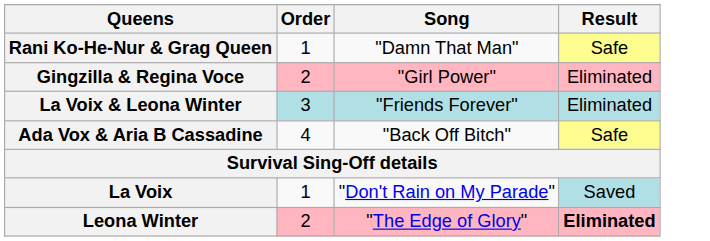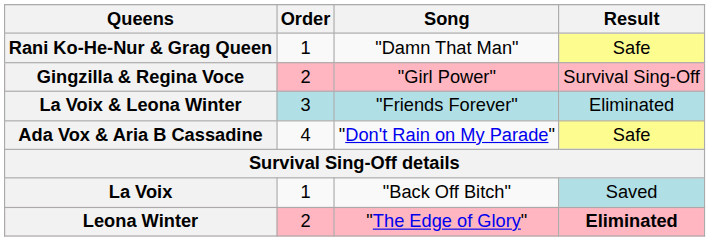 <table class="wikitable plainrowheaders" style="text-align:center;">
 <tr>
 </tr>
 <tr>
 <th scope="col">Queens</th>
 <th scope="col">Order</th>
 <th scope="col">Song</th>
 <th scope="col">Result</th>
 </tr>
 <tr>
 <th>Rani Ko-He-Nur & Grag Queen</th>
 <td>1</td>
 <td>"Damn That Man"</td>
 <td style="background:#FDFC8F;">Safe</td>
 </tr>
 <tr style="background:lightpink;">
 <th>Gingzilla & Regina Voce</th>
 <td>2</td>
 <td>"Girl Power"</td>
-<td>Eliminated</td>
+<td>Survival Sing-Off</td>
 </tr>
 <tr style="background:#B0E0E6;">
 <th>La Voix & Leona Winter</th>
 <td>3</td>
 <td>"Friends Forever"</td>
 <td>Eliminated</td>
 </tr>
 <tr>
 <th>Ada Vox & Aria B Cassadine</th>
 <td>4</td>
-<td>"Back Off Bitch"</td>
+<td>"<a href='#'>Don't Rain on My Parade</a>"</td>
 <td style="background:#FDFC8F;">Safe</td>
 </tr>
 <tr>
 <th colspan="4">Survival Sing-Off details</th>
 </tr>
 <tr>
 <th>La Voix</th>
 <td>1</td>
-<td>"<a href='#'>Don't Rain on My Parade</a>"</td>
+<td>"Back Off Bitch"</td>
 <td style="background:#B0E0E6;">Saved</td>
 </tr>
 <tr style="background:lightpink;">
 <th>Leona Winter</th>
 <td>2</td>
 <td>"<a href='#'>The Edge of Glory</a>"</td>
 <td><strong>Eliminated</strong></td>
 </tr>
 </table>
